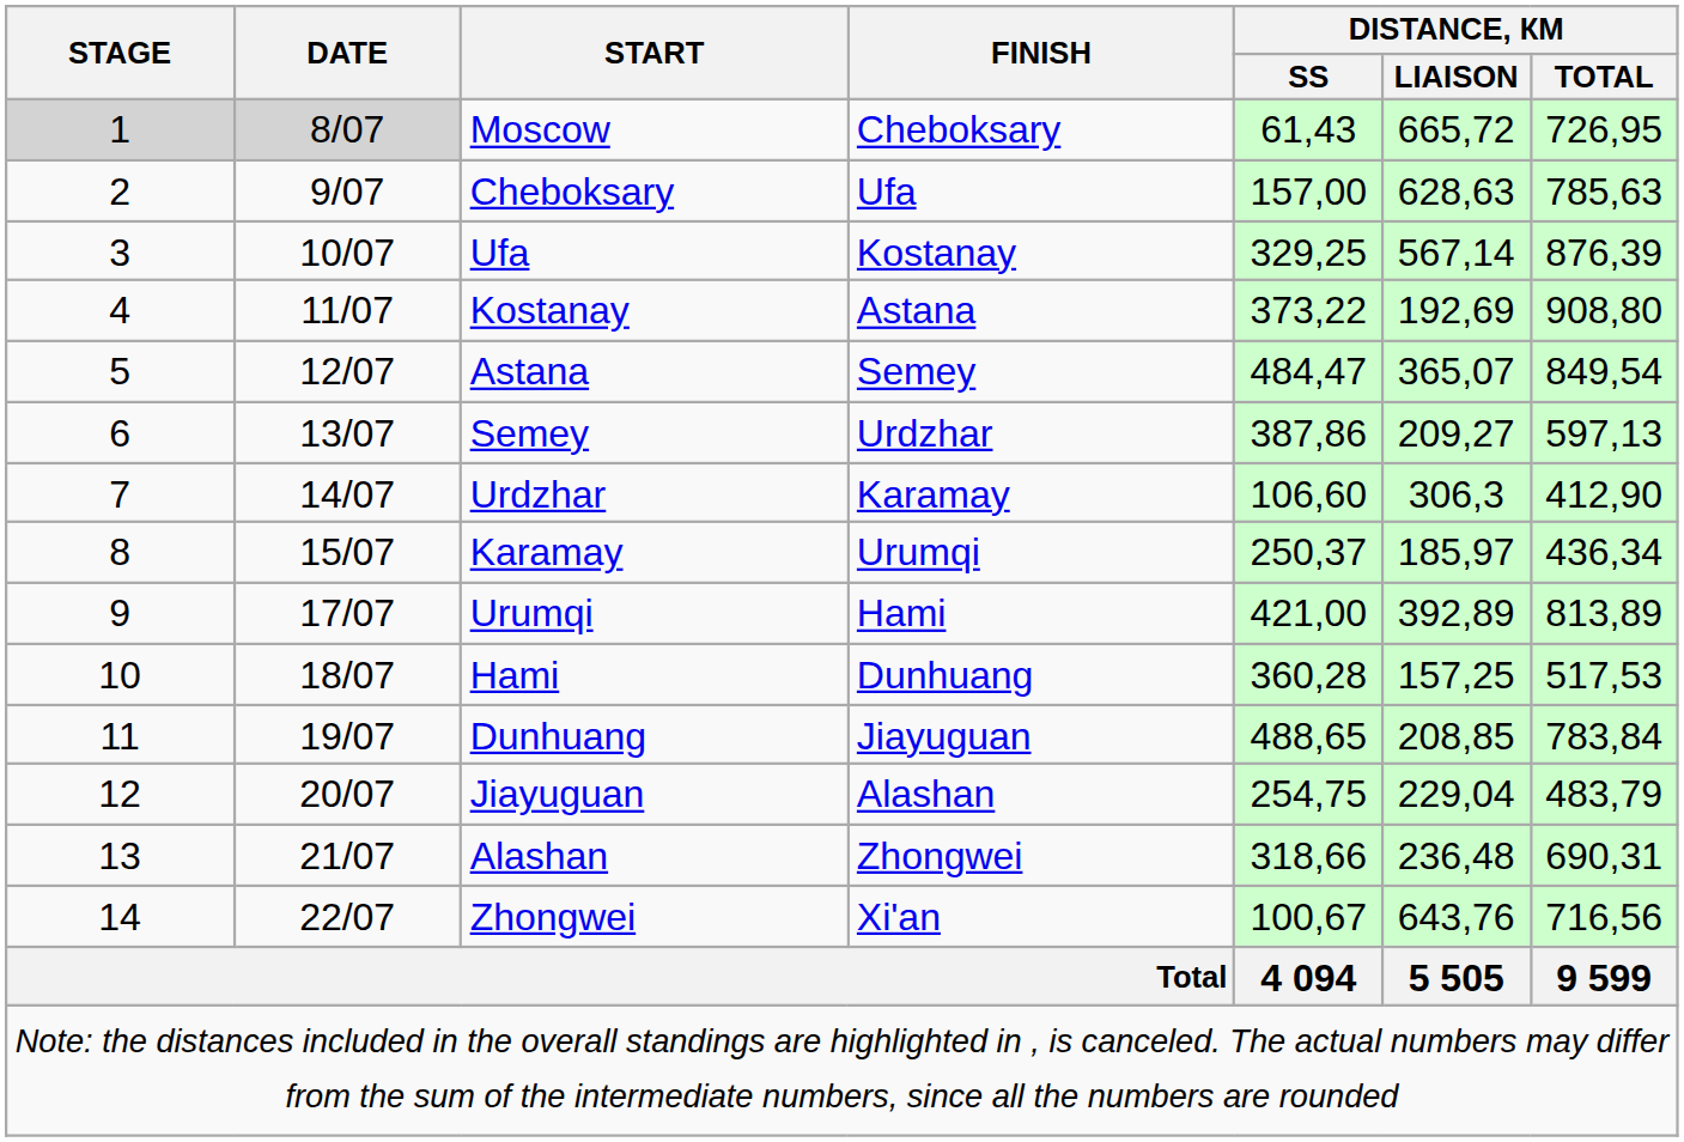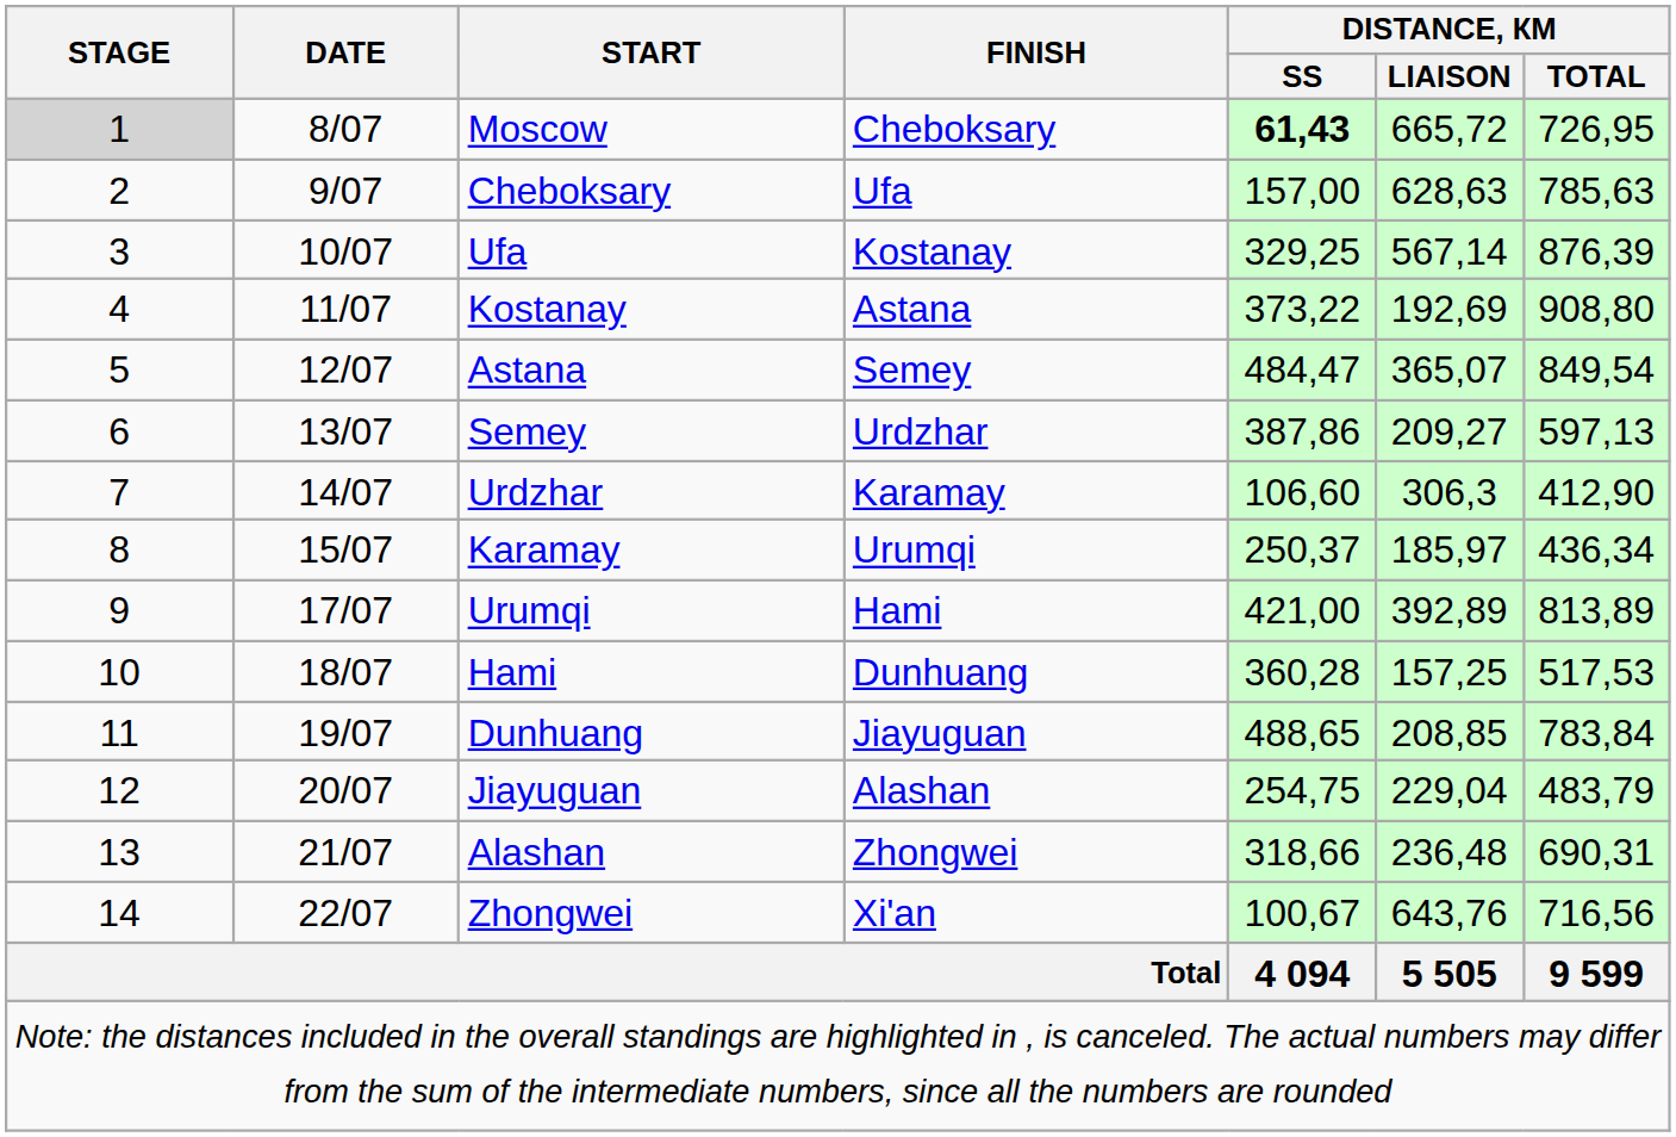 <table class="wikitable" style="text-align: center; font-size: 90%;">
 <tr style="font-size: 80%;">
 <th rowspan="2" width="80px">STAGE</th>
 <th rowspan="2" width="80px">DATE</th>
 <th rowspan="2" width="140px">START</th>
 <th rowspan="2" width="140px">FINISH</th>
 <th colspan="3">DISTANCE, КМ</th>
 </tr>
 <tr style="font-size: 80%;">
 <th width="50px">SS</th>
 <th width="50px">LIAISON</th>
 <th width="50px">TOTAL</th>
 </tr>
 <tr>
 <td style="background: lightgrey;">1</td>
-<td style="background: lightgrey;">8/07</td>
+<td>8/07</td>
 <td align="left"> <a href='#'>Moscow</a></td>
 <td align="left"> <a href='#'>Cheboksary</a></td>
-<td bgcolor="#ccffcc">61,43</td>
+<td bgcolor="#ccffcc"><strong>61,43</strong></td>
 <td bgcolor="#ccffcc">665,72</td>
 <td bgcolor="#ccffcc">726,95</td>
 </tr>
 <tr>
 <td>2</td>
 <td>9/07</td>
 <td align="left"> <a href='#'>Cheboksary</a></td>
 <td align="left"> <a href='#'>Ufa</a></td>
 <td bgcolor="#ccffcc">157,00</td>
 <td bgcolor="#ccffcc">628,63</td>
 <td bgcolor="#ccffcc">785,63</td>
 </tr>
 <tr>
 <td>3</td>
 <td>10/07</td>
 <td align="left"> <a href='#'>Ufa</a></td>
 <td align="left"> <a href='#'>Kostanay</a></td>
 <td bgcolor="#ccffcc">329,25</td>
 <td bgcolor="#ccffcc">567,14</td>
 <td bgcolor="#ccffcc">876,39</td>
 </tr>
 <tr>
 <td>4</td>
 <td>11/07</td>
 <td align="left"> <a href='#'>Kostanay</a></td>
 <td align="left"> <a href='#'>Astana</a></td>
 <td bgcolor="#ccffcc">373,22</td>
 <td bgcolor="#ccffcc">192,69</td>
 <td bgcolor="#ccffcc">908,80</td>
 </tr>
 <tr>
 <td>5</td>
 <td>12/07</td>
 <td align="left"> <a href='#'>Astana</a></td>
 <td align="left"> <a href='#'>Semey</a></td>
 <td bgcolor="#ccffcc">484,47</td>
 <td bgcolor="#ccffcc">365,07</td>
 <td bgcolor="#ccffcc">849,54</td>
 </tr>
 <tr>
 <td>6</td>
 <td>13/07</td>
 <td align="left"> <a href='#'>Semey</a></td>
 <td align="left"> <a href='#'>Urdzhar</a></td>
 <td bgcolor="#ccffcc">387,86</td>
 <td bgcolor="#ccffcc">209,27</td>
 <td bgcolor="#ccffcc">597,13</td>
 </tr>
 <tr>
 <td>7</td>
 <td>14/07</td>
 <td align="left"> <a href='#'>Urdzhar</a></td>
 <td align="left"> <a href='#'>Karamay</a></td>
 <td bgcolor="#ccffcc">106,60</td>
 <td bgcolor="#ccffcc">306,3</td>
 <td bgcolor="#ccffcc">412,90</td>
 </tr>
 <tr>
 <td>8</td>
 <td>15/07</td>
 <td align="left"> <a href='#'>Karamay</a></td>
 <td align="left"> <a href='#'>Urumqi</a></td>
 <td bgcolor="#ccffcc">250,37</td>
 <td bgcolor="#ccffcc">185,97</td>
 <td bgcolor="#ccffcc">436,34</td>
 </tr>
 <tr>
 <td>9</td>
 <td>17/07</td>
 <td align="left"> <a href='#'>Urumqi</a></td>
 <td align="left"> <a href='#'>Hami</a></td>
 <td bgcolor="#ccffcc">421,00</td>
 <td bgcolor="#ccffcc">392,89</td>
 <td bgcolor="#ccffcc">813,89</td>
 </tr>
 <tr>
 <td>10</td>
 <td>18/07</td>
 <td align="left"> <a href='#'>Hami</a></td>
 <td align="left"> <a href='#'>Dunhuang</a></td>
 <td bgcolor="#ccffcc">360,28</td>
 <td bgcolor="#ccffcc">157,25</td>
 <td bgcolor="#ccffcc">517,53</td>
 </tr>
 <tr>
 <td>11</td>
 <td>19/07</td>
 <td align="left"> <a href='#'>Dunhuang</a></td>
 <td align="left"> <a href='#'>Jiayuguan</a></td>
 <td bgcolor="#ccffcc">488,65</td>
 <td bgcolor="#ccffcc">208,85</td>
 <td bgcolor="#ccffcc">783,84</td>
 </tr>
 <tr>
 <td>12</td>
 <td>20/07</td>
 <td align="left"> <a href='#'>Jiayuguan</a></td>
 <td align="left"> <a href='#'>Alashan</a></td>
 <td bgcolor="#ccffcc">254,75</td>
 <td bgcolor="#ccffcc">229,04</td>
 <td bgcolor="#ccffcc">483,79</td>
 </tr>
 <tr>
 <td>13</td>
 <td>21/07</td>
 <td align="left"> <a href='#'>Alashan</a></td>
 <td align="left"> <a href='#'>Zhongwei</a></td>
 <td bgcolor="#ccffcc">318,66</td>
 <td bgcolor="#ccffcc">236,48</td>
 <td bgcolor="#ccffcc">690,31</td>
 </tr>
 <tr>
 <td>14</td>
 <td>22/07</td>
 <td align="left"> <a href='#'>Zhongwei</a></td>
 <td align="left"> <a href='#'>Xi'an</a></td>
 <td bgcolor="#ccffcc">100,67</td>
 <td bgcolor="#ccffcc">643,76</td>
 <td bgcolor="#ccffcc">716,56</td>
 </tr>
 <tr>
 <th colspan="4" style="font-size: 80%; text-align: right;">Total</th>
 <th>4 094</th>
 <th>5 505</th>
 <th>9 599</th>
 </tr>
 <tr>
 <td colspan="7" style="font-size: 85%; line-height: 175%;"><em>Note: the distances included in the overall standings are highlighted in </em>  <em>, </em>  <em>  is canceled. The actual numbers may differ from the sum of the intermediate numbers, since all the numbers are rounded</em></td>
 </tr>
 </table>
